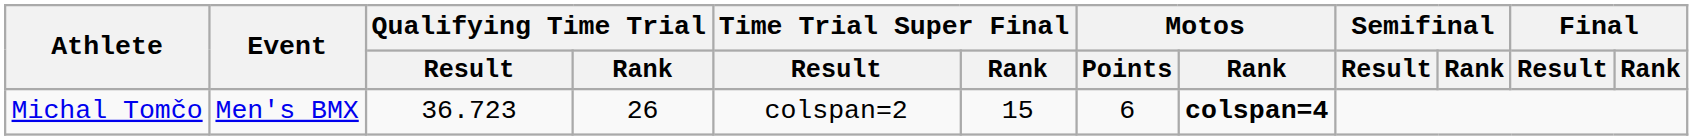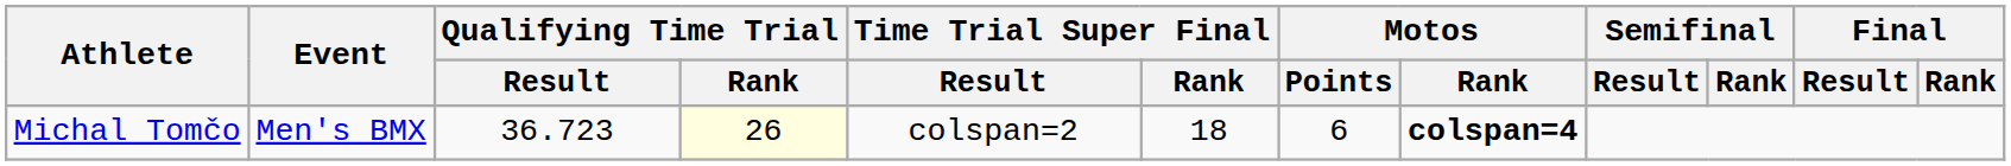 <table class="wikitable" style="font-size:90%">
 <tr>
 <th rowspan="2">Athlete</th>
 <th rowspan="2">Event</th>
 <th colspan="2">Qualifying Time Trial</th>
 <th colspan="2">Time Trial Super Final</th>
 <th colspan="2">Motos</th>
 <th colspan="2">Semifinal</th>
 <th colspan="2">Final</th>
 </tr>
 <tr style="font-size:95%">
 <th>Result</th>
 <th>Rank</th>
 <th>Result</th>
 <th>Rank</th>
 <th>Points</th>
 <th>Rank</th>
 <th>Result</th>
 <th>Rank</th>
 <th>Result</th>
 <th>Rank</th>
 </tr>
 <tr align=center>
 <td align=left><a href='#'>Michal Tomčo</a></td>
 <td align=left><a href='#'>Men's BMX</a></td>
 <td>36.723</td>
-<td>26</td>
+<td style="background: lightyellow;">26</td>
 <td>colspan=2 </td>
-<td>15</td>
+<td>18</td>
 <td>6</td>
 <td><strong>colspan=4 </strong></td>
 </tr>
 </table>
